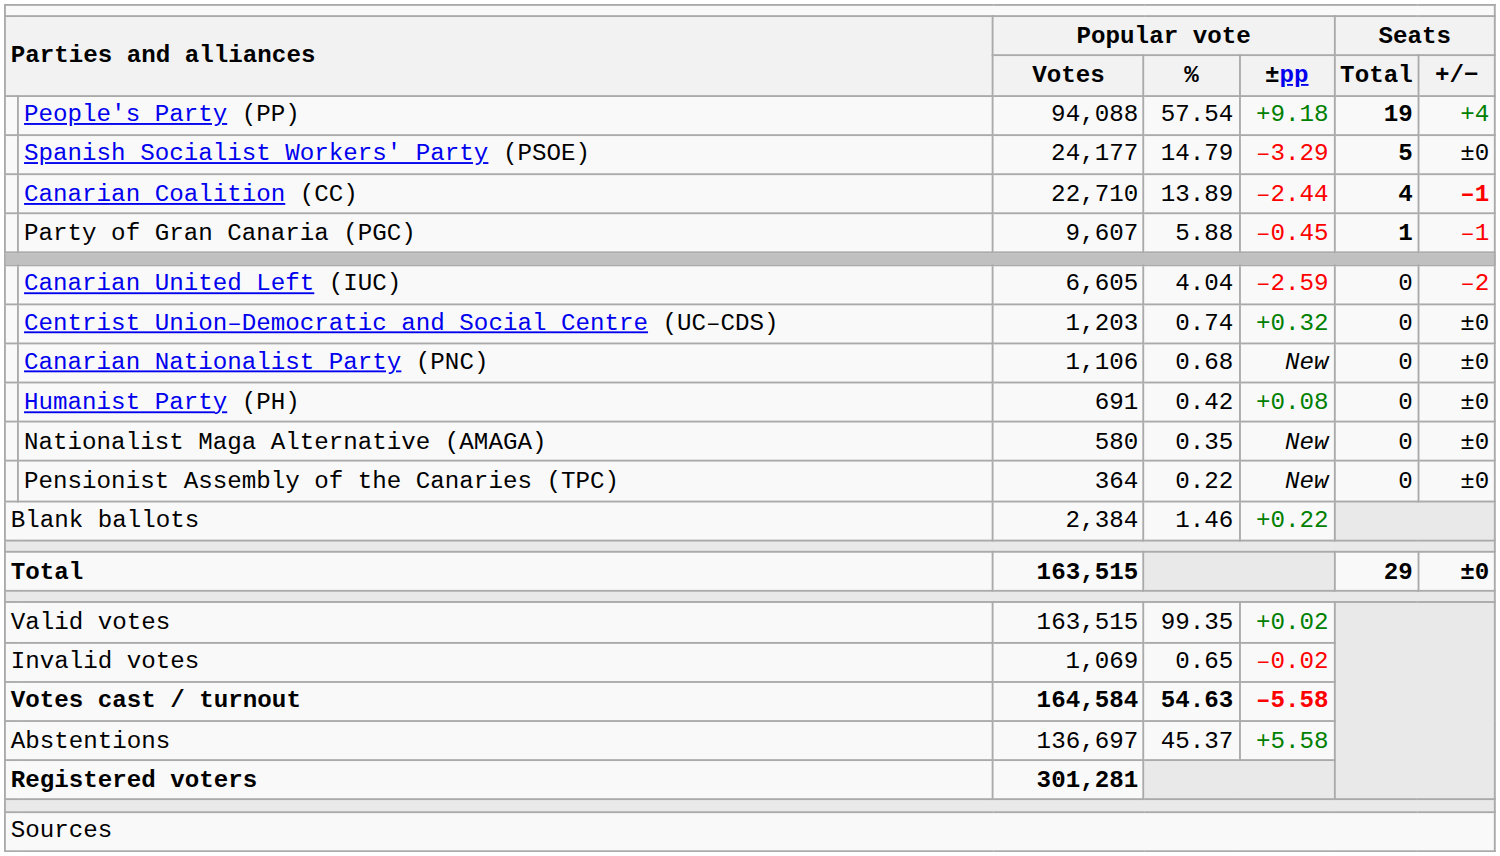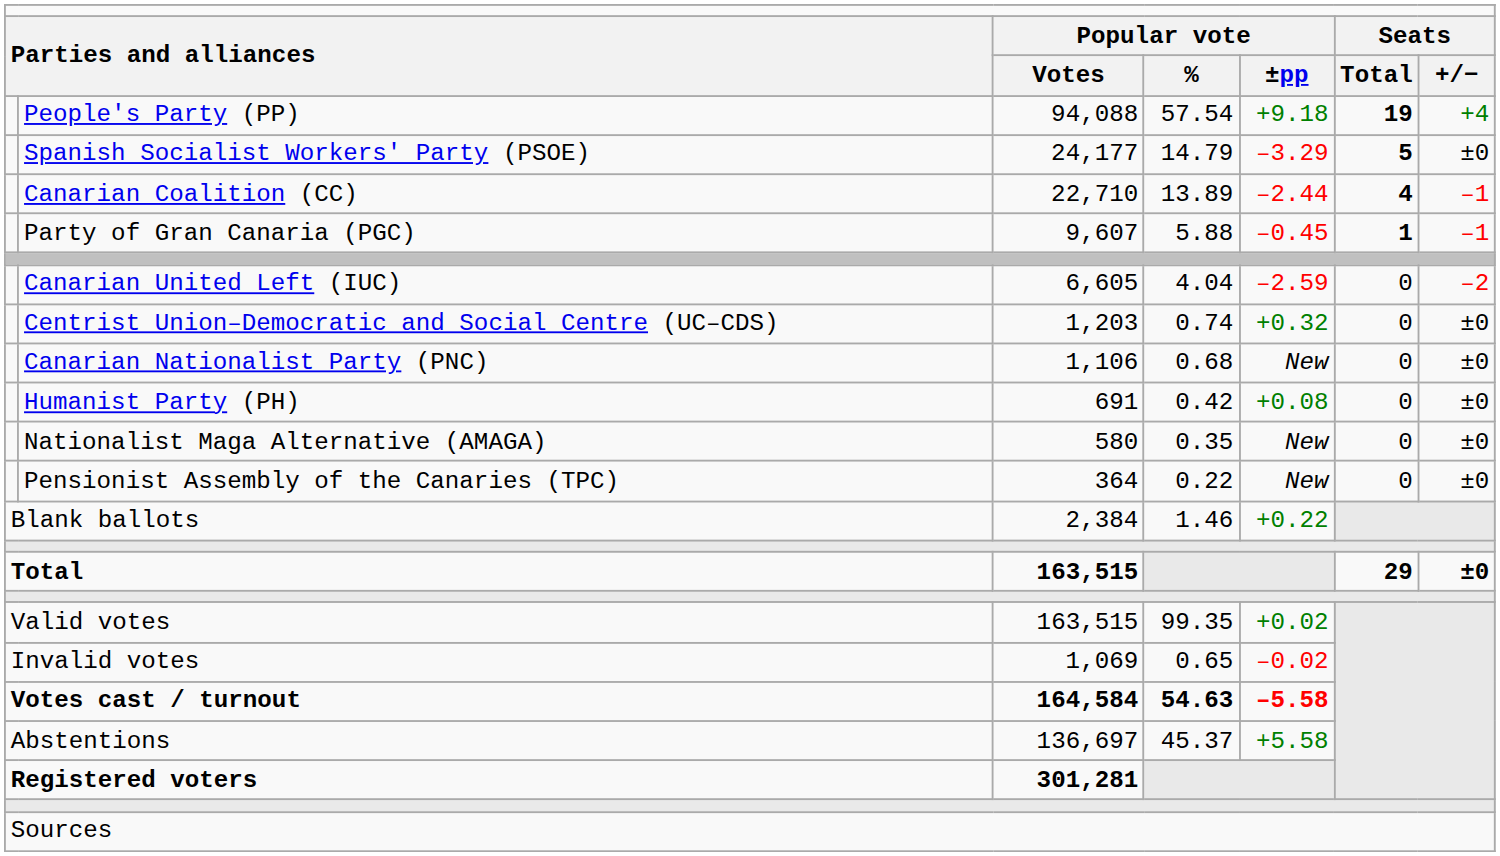 <table class="wikitable" style="text-align:right;">
 <tr>
 <td colspan="7"></td>
 </tr>
 <tr>
 <th style="text-align:left;" rowspan="2" colspan="2" width="525">Parties and alliances</th>
 <th colspan="3">Popular vote</th>
 <th colspan="2">Seats</th>
 </tr>
 <tr>
 <th width="75">Votes</th>
 <th width="45">%</th>
 <th width="45">±<a href='#'>pp</a></th>
 <th width="35">Total</th>
 <th width="35">+/−</th>
 </tr>
 <tr>
 <td width="1" style="color:inherit;background:"></td>
 <td align="left"><a href='#'>People's Party</a> (PP)</td>
 <td>94,088</td>
 <td>57.54</td>
 <td style="color:green;">+9.18</td>
 <td><strong>19</strong></td>
 <td style="color:green;">+4</td>
 </tr>
 <tr>
 <td style="color:inherit;background:"></td>
 <td align="left"><a href='#'>Spanish Socialist Workers' Party</a> (PSOE)</td>
 <td>24,177</td>
 <td>14.79</td>
 <td style="color:red;">–3.29</td>
 <td><strong>5</strong></td>
 <td>±0</td>
 </tr>
 <tr>
 <td style="color:inherit;background:"></td>
 <td align="left"><a href='#'>Canarian Coalition</a> (CC)</td>
 <td>22,710</td>
 <td>13.89</td>
 <td style="color:red;">–2.44</td>
 <td><strong>4</strong></td>
-<td style="color:red;"><strong>–1</strong></td>
+<td style="color:red;">–1</td>
 </tr>
 <tr>
 <td style="color:inherit;background:"></td>
 <td align="left">Party of Gran Canaria (PGC)</td>
 <td>9,607</td>
 <td>5.88</td>
 <td style="color:red;">–0.45</td>
 <td><strong>1</strong></td>
 <td style="color:red;">–1</td>
 </tr>
 <tr>
 <td colspan="7" style="color:inherit;background:#C0C0C0"></td>
 </tr>
 <tr>
 <td style="color:inherit;background:"></td>
 <td align="left"><a href='#'>Canarian United Left</a> (IUC)</td>
 <td>6,605</td>
 <td>4.04</td>
 <td style="color:red;">–2.59</td>
 <td>0</td>
 <td style="color:red;">–2</td>
 </tr>
 <tr>
 <td style="color:inherit;background:"></td>
 <td align="left"><a href='#'>Centrist Union–Democratic and Social Centre</a> (UC–CDS)</td>
 <td>1,203</td>
 <td>0.74</td>
 <td style="color:green;">+0.32</td>
 <td>0</td>
 <td>±0</td>
 </tr>
 <tr>
 <td style="color:inherit;background:"></td>
 <td align="left"><a href='#'>Canarian Nationalist Party</a> (PNC)</td>
 <td>1,106</td>
 <td>0.68</td>
 <td><em>New</em></td>
 <td>0</td>
 <td>±0</td>
 </tr>
 <tr>
 <td style="color:inherit;background:"></td>
 <td align="left"><a href='#'>Humanist Party</a> (PH)</td>
 <td>691</td>
 <td>0.42</td>
 <td style="color:green;">+0.08</td>
 <td>0</td>
 <td>±0</td>
 </tr>
 <tr>
 <td style="color:inherit;background:"></td>
 <td align="left">Nationalist Maga Alternative (AMAGA)</td>
 <td>580</td>
 <td>0.35</td>
 <td><em>New</em></td>
 <td>0</td>
 <td>±0</td>
 </tr>
 <tr>
 <td style="color:inherit;background:"></td>
 <td align="left">Pensionist Assembly of the Canaries (TPC)</td>
 <td>364</td>
 <td>0.22</td>
 <td><em>New</em></td>
 <td>0</td>
 <td>±0</td>
 </tr>
 <tr>
 <td align="left" colspan="2">Blank ballots</td>
 <td>2,384</td>
 <td>1.46</td>
 <td style="color:green;">+0.22</td>
 <td style="color:inherit;background:#E9E9E9" colspan="2"></td>
 </tr>
 <tr>
 <td colspan="7" style="color:inherit;background:#E9E9E9"></td>
 </tr>
 <tr style="font-weight:bold;">
 <td align="left" colspan="2">Total</td>
 <td>163,515</td>
 <td bgcolor="#E9E9E9" colspan="2"></td>
 <td>29</td>
 <td>±0</td>
 </tr>
 <tr>
 <td colspan="7" style="color:inherit;background:#E9E9E9"></td>
 </tr>
 <tr>
 <td align="left" colspan="2">Valid votes</td>
 <td>163,515</td>
 <td>99.35</td>
 <td style="color:green;">+0.02</td>
 <td bgcolor="#E9E9E9" colspan="2" rowspan="5"></td>
 </tr>
 <tr>
 <td align="left" colspan="2">Invalid votes</td>
 <td>1,069</td>
 <td>0.65</td>
 <td style="color:red;">–0.02</td>
 </tr>
 <tr style="font-weight:bold;">
 <td align="left" colspan="2">Votes cast / turnout</td>
 <td>164,584</td>
 <td>54.63</td>
 <td style="color:red;">–5.58</td>
 </tr>
 <tr>
 <td align="left" colspan="2">Abstentions</td>
 <td>136,697</td>
 <td>45.37</td>
 <td style="color:green;">+5.58</td>
 </tr>
 <tr style="font-weight:bold;">
 <td align="left" colspan="2">Registered voters</td>
 <td>301,281</td>
 <td bgcolor="#E9E9E9" colspan="2"></td>
 </tr>
 <tr>
 <td colspan="7" style="color:inherit;background:#E9E9E9"></td>
 </tr>
 <tr>
 <td align="left" colspan="7">Sources</td>
 </tr>
 </table>
